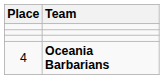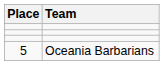 <table class="wikitable" style="text-align:center; padding-bottom:0;">
 <tr>
 <th>Place</th>
 <th style="width:9em; text-align:left;">Team</th>
 </tr>
 <tr>
 <td></td>
 <td align=left></td>
 </tr>
 <tr>
 <td></td>
 <td align=left></td>
 </tr>
 <tr>
 <td></td>
 <td align=left></td>
 </tr>
 <tr>
-<td>4</td>
-<td align=left><strong>Oceania Barbarians</strong></td>
+<td>5</td>
+<td align=left>Oceania Barbarians</td>
 </tr>
 </table>
